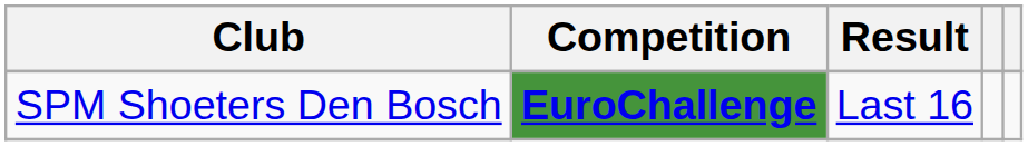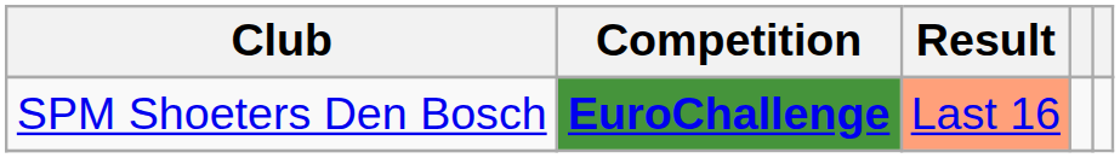 <table class="wikitable sortable">
 <tr>
 <th>Club</th>
 <th>Competition</th>
 <th>Result</th>
 <th></th>
 <th></th>
 </tr>
 <tr>
 </tr>
 <tr>
 <td><a href='#'>SPM Shoeters Den Bosch</a></td>
 <td rowspan=3 style="background-color:#45943B;color:white;text-align:center"><strong><a href='#'><span>EuroChallenge</span></a></strong></td>
-<td><a href='#'>Last 16</a></td>
+<td style="background: lightsalmon;"><a href='#'>Last 16</a></td>
 <td></td>
 <td rowspan=3 style="text-align:center"></td>
 </tr>
 <tr>
 </tr>
 <tr>
 </tr>
 </table>
